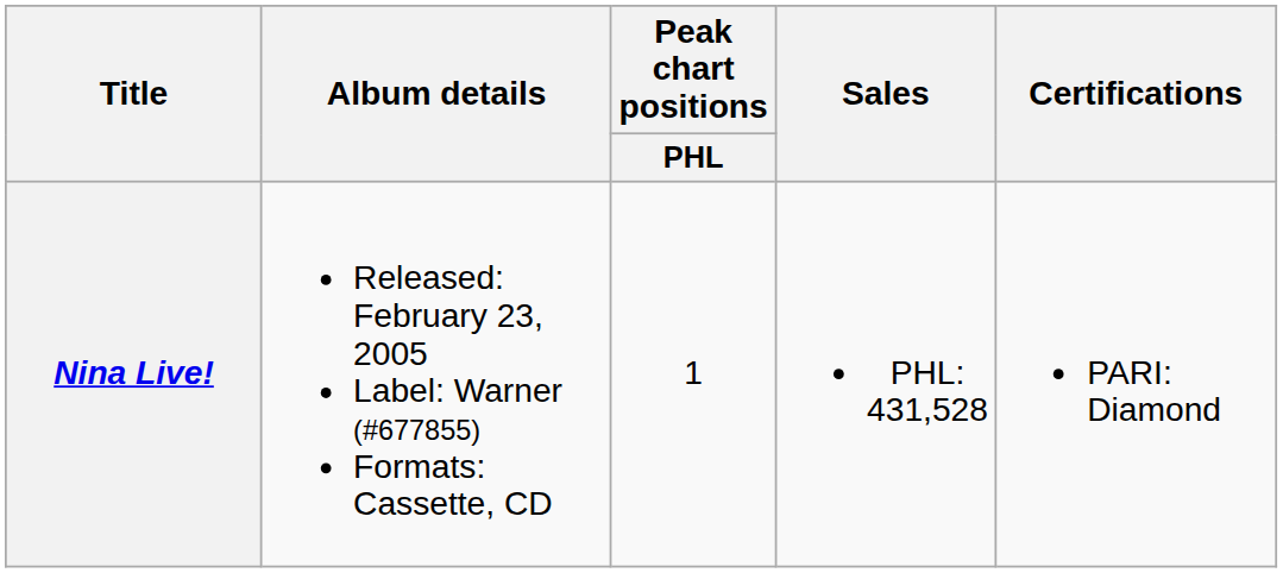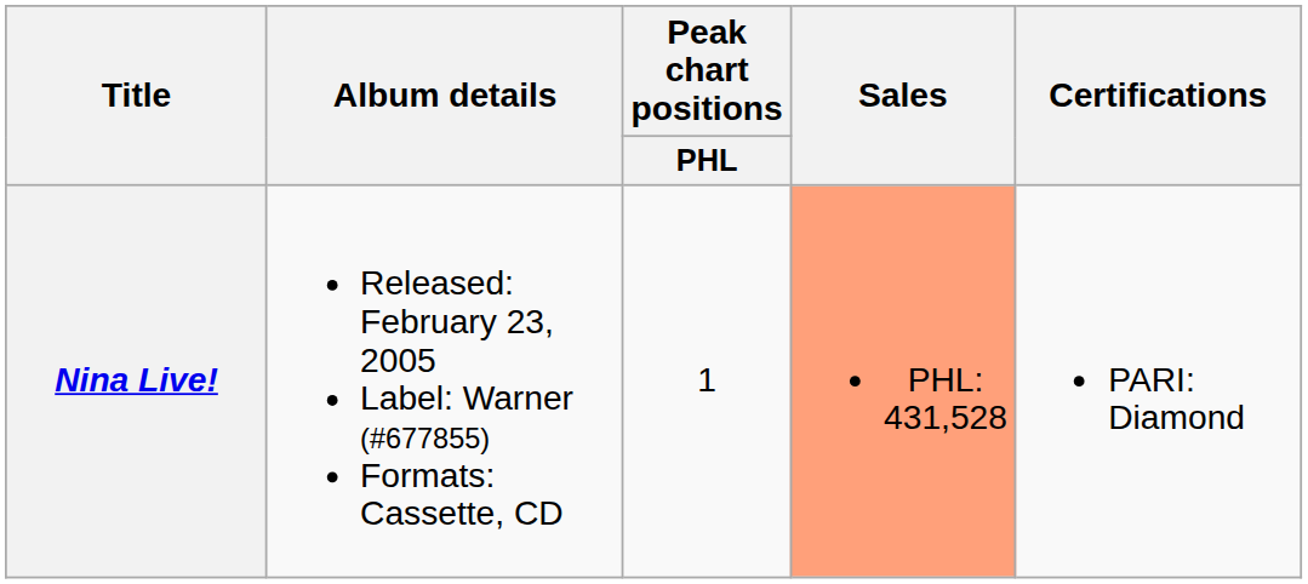 <table class="wikitable plainrowheaders" style="text-align:center;" border="1">
 <tr>
 <th scope="col" rowspan="2" width="230">Title</th>
 <th scope="col" rowspan="2" width="230">Album details</th>
 <th>Peak chart positions</th>
 <th rowspan="2">Sales</th>
 <th rowspan="2" scope="col" width="160">Certifications</th>
 </tr>
 <tr>
 <th scope="col" style="width:3em; font-size:90%;">PHL<br></th>
 </tr>
 <tr>
 <th scope="row"><em><a href='#'>Nina Live!</a></em></th>
 <td align="left"><br><ul><li>Released: February 23, 2005</li><li>Label: Warner <small>(#677855)</small></li><li>Formats: Cassette, CD</li></ul></td>
 <td>1</td>
-<td><br><ul><li>PHL: 431,528</li></ul></td>
+<td style="background: lightsalmon;"><br><ul><li>PHL: 431,528</li></ul></td>
 <td align="left"><br><ul><li>PARI: Diamond</li></ul></td>
 </tr>
 </table>
